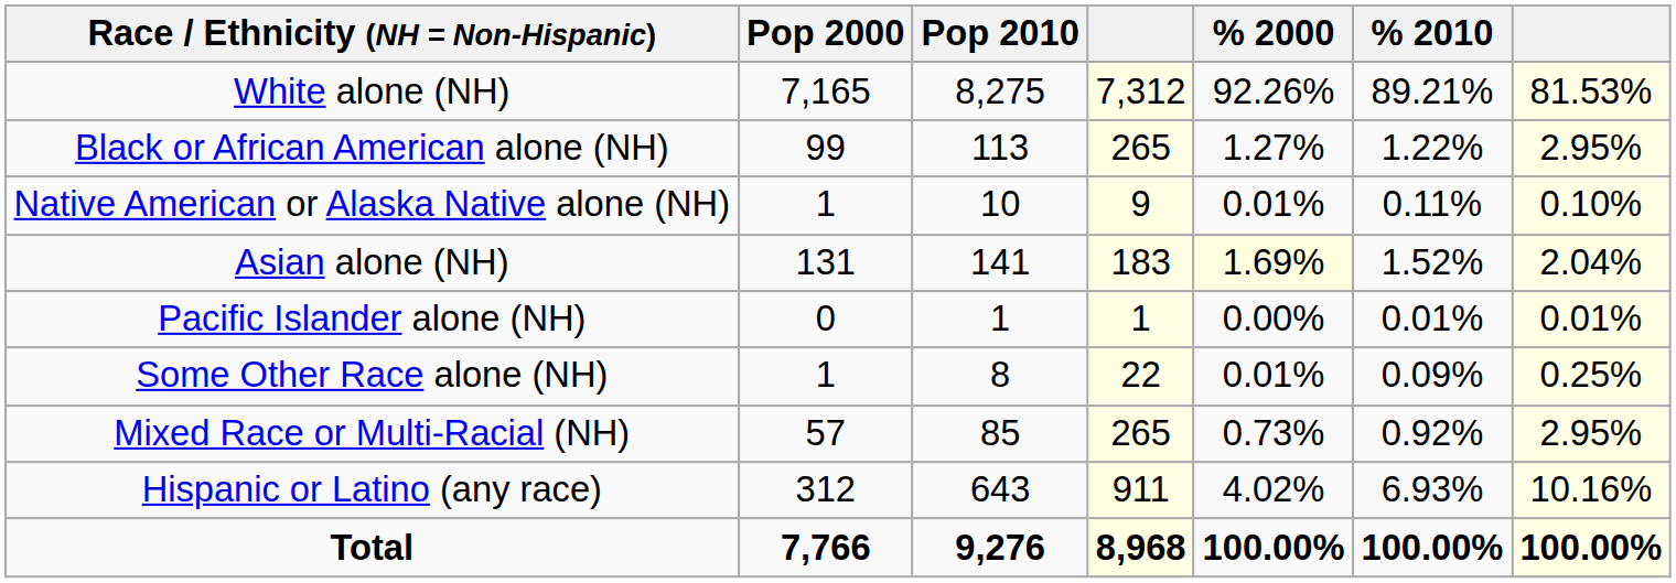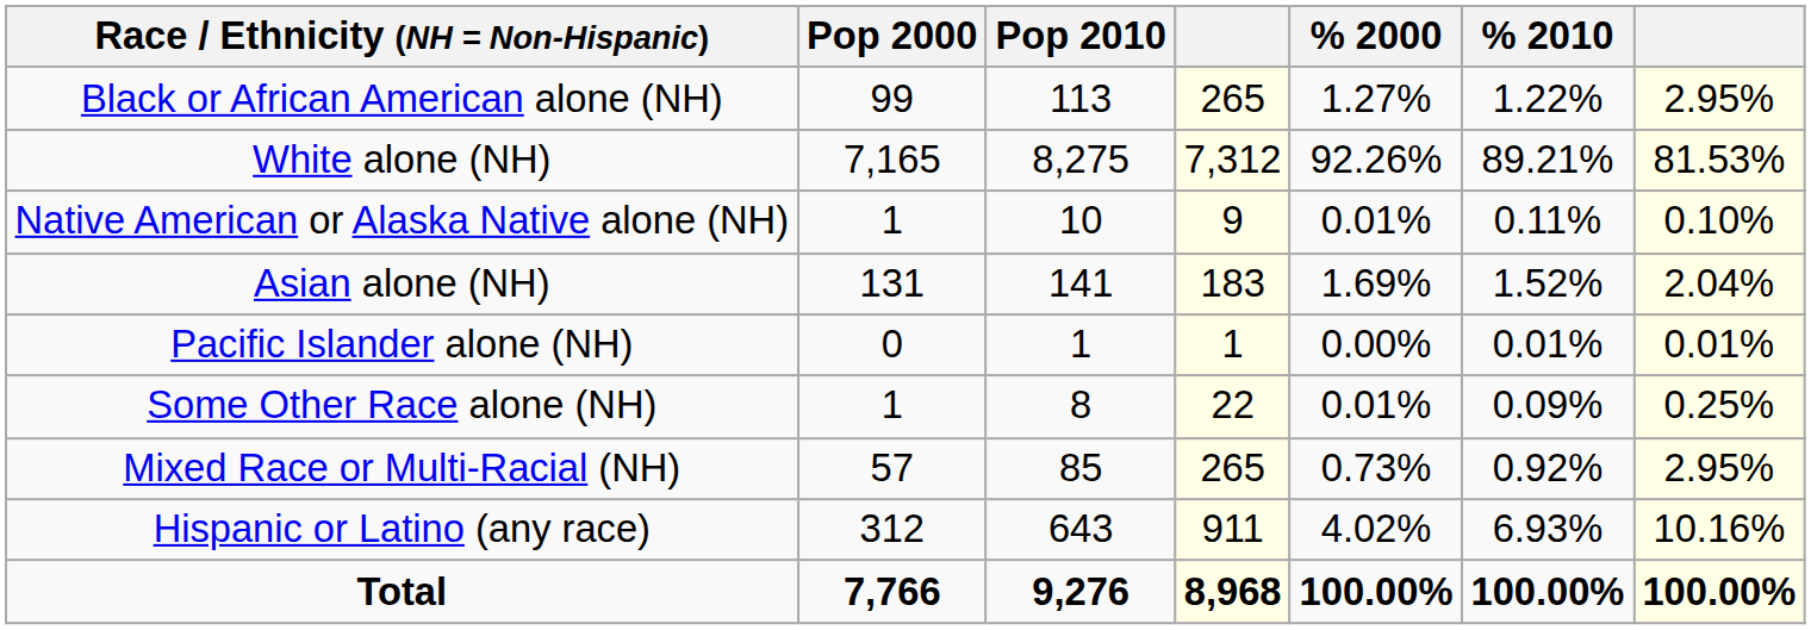 <table class="wikitable" style="text-align:center;">
 <tr>
 <th>Race / Ethnicity <small>(<em>NH = Non-Hispanic</em>)</small></th>
 <th>Pop 2000</th>
 <th>Pop 2010</th>
 <th></th>
 <th>% 2000</th>
 <th>% 2010</th>
 <th></th>
 </tr>
 <tr>
+<td><a href='#'>Black or African American</a> alone (NH)</td>
+<td>99</td>
+<td>113</td>
+<td style='background: #ffffe6;'>265</td>
+<td>1.27%</td>
+<td>1.22%</td>
+<td style='background: #ffffe6;'>2.95%</td>
+</tr>
+<tr>
 <td><a href='#'>White</a> alone (NH)</td>
 <td>7,165</td>
 <td>8,275</td>
 <td style='background: #ffffe6;'>7,312</td>
 <td>92.26%</td>
 <td>89.21%</td>
 <td style='background: #ffffe6;'>81.53%</td>
-</tr>
-<tr>
-<td><a href='#'>Black or African American</a> alone (NH)</td>
-<td>99</td>
-<td>113</td>
-<td style='background: #ffffe6;'>265</td>
-<td>1.27%</td>
-<td>1.22%</td>
-<td style='background: #ffffe6;'>2.95%</td>
 </tr>
 <tr>
 <td><a href='#'>Native American</a> or <a href='#'>Alaska Native</a> alone (NH)</td>
 <td>1</td>
 <td>10</td>
 <td style='background: #ffffe6;'>9</td>
 <td>0.01%</td>
 <td>0.11%</td>
 <td style='background: #ffffe6;'>0.10%</td>
 </tr>
 <tr>
 <td><a href='#'>Asian</a> alone (NH)</td>
 <td>131</td>
 <td>141</td>
 <td style='background: #ffffe6;'>183</td>
-<td style="background: lightyellow;">1.69%</td>
+<td>1.69%</td>
 <td>1.52%</td>
 <td style='background: #ffffe6;'>2.04%</td>
 </tr>
 <tr>
 <td><a href='#'>Pacific Islander</a> alone (NH)</td>
 <td>0</td>
 <td>1</td>
 <td style='background: #ffffe6;'>1</td>
 <td>0.00%</td>
 <td>0.01%</td>
 <td style='background: #ffffe6;'>0.01%</td>
 </tr>
 <tr>
 <td><a href='#'>Some Other Race</a> alone (NH)</td>
 <td>1</td>
 <td>8</td>
 <td style='background: #ffffe6;'>22</td>
 <td>0.01%</td>
 <td>0.09%</td>
 <td style='background: #ffffe6;'>0.25%</td>
 </tr>
 <tr>
 <td><a href='#'>Mixed Race or Multi-Racial</a> (NH)</td>
 <td>57</td>
 <td>85</td>
 <td style='background: #ffffe6;'>265</td>
 <td>0.73%</td>
 <td>0.92%</td>
 <td style='background: #ffffe6;'>2.95%</td>
 </tr>
 <tr>
 <td><a href='#'>Hispanic or Latino</a> (any race)</td>
 <td>312</td>
 <td>643</td>
 <td style='background: #ffffe6;'>911</td>
 <td>4.02%</td>
 <td>6.93%</td>
 <td style='background: #ffffe6;'>10.16%</td>
 </tr>
 <tr>
 <td><strong>Total</strong></td>
 <td><strong>7,766</strong></td>
 <td><strong>9,276</strong></td>
 <td style='background: #ffffe6;'><strong>8,968</strong></td>
 <td><strong>100.00%</strong></td>
 <td><strong>100.00%</strong></td>
 <td style='background: #ffffe6;'><strong>100.00%</strong></td>
 </tr>
 </table>
